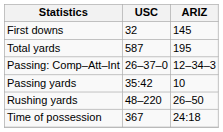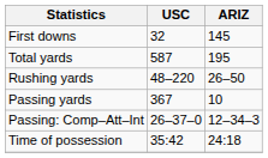 <table class="wikitable" style="float: left;">
 <tr>
 <th>Statistics</th>
 <th>USC</th>
 <th>ARIZ</th>
 </tr>
 <tr>
 <td>First downs</td>
 <td>32</td>
 <td>145</td>
 </tr>
 <tr>
 <td>Total yards</td>
 <td>587</td>
 <td>195</td>
 </tr>
 <tr>
+<td>Rushing yards</td>
+<td>48–220</td>
+<td>26–50</td>
+</tr>
+<tr>
+<td>Passing yards</td>
+<td>367</td>
+<td>10</td>
+</tr>
+<tr>
 <td>Passing: Comp–Att–Int</td>
 <td>26–37–0</td>
 <td>12–34–3</td>
 </tr>
 <tr>
-<td>Passing yards</td>
+<td>Time of possession</td>
 <td>35:42</td>
-<td>10</td>
-</tr>
-<tr>
-<td>Rushing yards</td>
-<td>48–220</td>
-<td>26–50</td>
-</tr>
-<tr>
-<td>Time of possession</td>
-<td>367</td>
 <td>24:18</td>
 </tr>
 <tr>
 </tr>
 </table>
